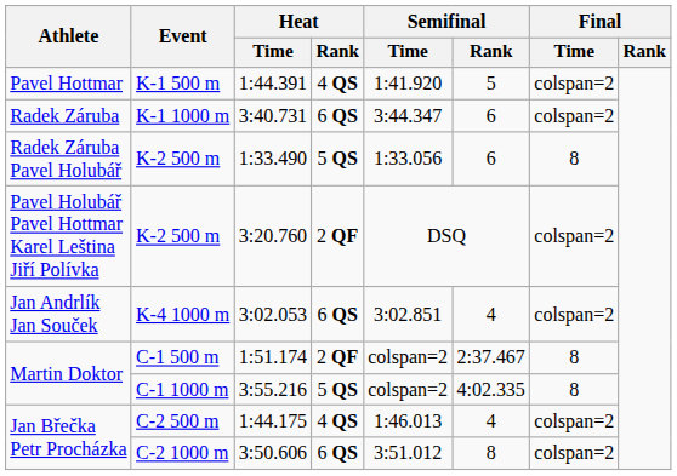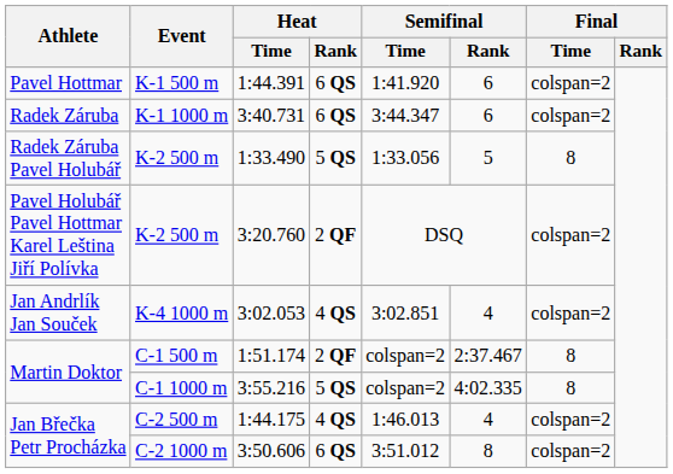 <table class=wikitable style=font-size:90%;text-align:center>
 <tr>
 <th rowspan=2>Athlete</th>
 <th rowspan=2>Event</th>
 <th colspan=2>Heat</th>
 <th colspan=2>Semifinal</th>
 <th colspan=2>Final</th>
 </tr>
 <tr style=font-size:95%>
 <th>Time</th>
 <th>Rank</th>
 <th>Time</th>
 <th>Rank</th>
 <th>Time</th>
 <th>Rank</th>
 </tr>
 <tr>
 <td align=left><a href='#'>Pavel Hottmar</a></td>
 <td align=left><a href='#'>K-1 500 m</a></td>
 <td>1:44.391</td>
-<td>4 <strong>QS</strong></td>
+<td>6 <strong>QS</strong></td>
 <td>1:41.920</td>
-<td>5</td>
+<td>6</td>
 <td>colspan=2 </td>
 </tr>
 <tr>
 <td align=left><a href='#'>Radek Záruba</a></td>
 <td align=left><a href='#'>K-1 1000 m</a></td>
 <td>3:40.731</td>
 <td>6 <strong>QS</strong></td>
 <td>3:44.347</td>
 <td>6</td>
 <td>colspan=2 </td>
 </tr>
 <tr>
 <td align=left><a href='#'>Radek Záruba</a><br><a href='#'>Pavel Holubář</a></td>
 <td align=left><a href='#'>K-2 500 m</a></td>
 <td>1:33.490</td>
 <td>5 <strong>QS</strong></td>
 <td>1:33.056</td>
-<td>6</td>
+<td>5</td>
 <td>8</td>
 </tr>
 <tr>
 <td align=left><a href='#'>Pavel Holubář</a><br><a href='#'>Pavel Hottmar</a><br><a href='#'>Karel Leština</a><br><a href='#'>Jiří Polívka</a></td>
 <td align=left><a href='#'>K-2 500 m</a></td>
 <td>3:20.760</td>
 <td>2 <strong>QF</strong></td>
 <td colspan=2>DSQ</td>
 <td>colspan=2 </td>
 </tr>
 <tr>
 <td align=left><a href='#'>Jan Andrlík</a><br><a href='#'>Jan Souček</a></td>
 <td align=left><a href='#'>K-4 1000 m</a></td>
 <td>3:02.053</td>
-<td>6 <strong>QS</strong></td>
+<td>4 <strong>QS</strong></td>
 <td>3:02.851</td>
 <td>4</td>
 <td>colspan=2 </td>
 </tr>
 <tr>
 <td align=left rowspan=2><a href='#'>Martin Doktor</a></td>
 <td align=left><a href='#'>C-1 500 m</a></td>
 <td>1:51.174</td>
 <td>2 <strong>QF</strong></td>
 <td>colspan=2 </td>
 <td>2:37.467</td>
 <td>8</td>
 </tr>
 <tr>
 <td align=left><a href='#'>C-1 1000 m</a></td>
 <td>3:55.216</td>
 <td>5 <strong>QS</strong></td>
 <td>colspan=2 </td>
 <td>4:02.335</td>
 <td>8</td>
 </tr>
 <tr>
 <td align=left rowspan=2><a href='#'>Jan Břečka</a><br><a href='#'>Petr Procházka</a></td>
 <td align=left><a href='#'>C-2 500 m</a></td>
 <td>1:44.175</td>
 <td>4 <strong>QS</strong></td>
 <td>1:46.013</td>
 <td>4</td>
 <td>colspan=2 </td>
 </tr>
 <tr>
 <td align=left><a href='#'>C-2 1000 m</a></td>
 <td>3:50.606</td>
 <td>6 <strong>QS</strong></td>
 <td>3:51.012</td>
 <td>8</td>
 <td>colspan=2 </td>
 </tr>
 </table>
